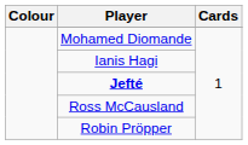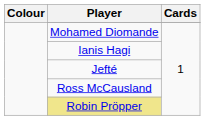 <table class="wikitable" style="text-align:center">
 <tr>
 <th>Colour</th>
 <th>Player</th>
 <th>Cards</th>
 </tr>
 <tr>
 <td rowspan="6"></td>
 </tr>
 <tr>
 <td><a href='#'>Mohamed Diomande</a></td>
 <td rowspan="5">1</td>
 </tr>
 <tr>
 <td><a href='#'>Ianis Hagi</a></td>
 </tr>
 <tr>
-<td><strong><a href='#'>Jefté</a></strong></td>
+<td><a href='#'>Jefté</a></td>
 </tr>
 <tr>
 <td><a href='#'>Ross McCausland</a></td>
 </tr>
 <tr>
-<td><a href='#'>Robin Pröpper</a></td>
+<td style="background: khaki;"><a href='#'>Robin Pröpper</a></td>
 </tr>
 </table>
